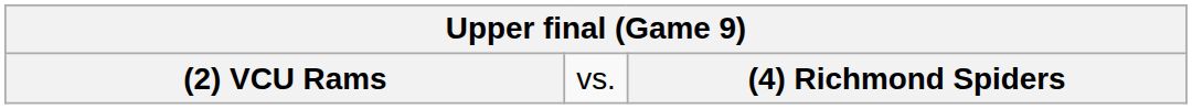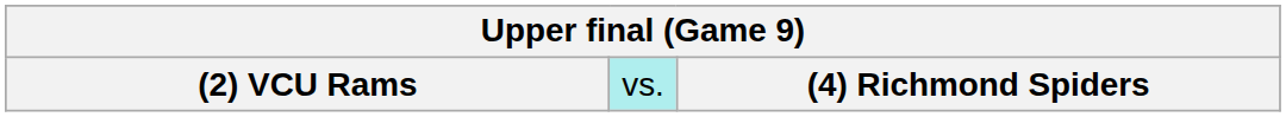 <table class="wikitable">
 <tr>
 <th style="width: 594px;" colspan=3>Upper final (Game 9)</th>
 </tr>
 <tr>
 <th style="width: 284px; ">(2) VCU Rams</th>
-<td style="width: 25px; text-align:center">vs.</td>
+<td style="background: paleturquoise; width: 25px; text-align:center">vs.</td>
 <th style="width: 284px; ">(4) Richmond Spiders</th>
 </tr>
 </table>
